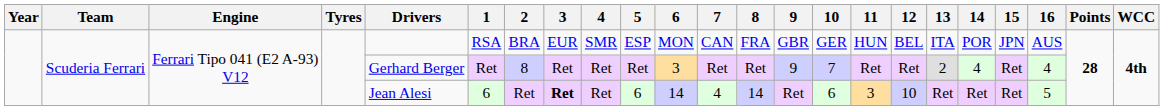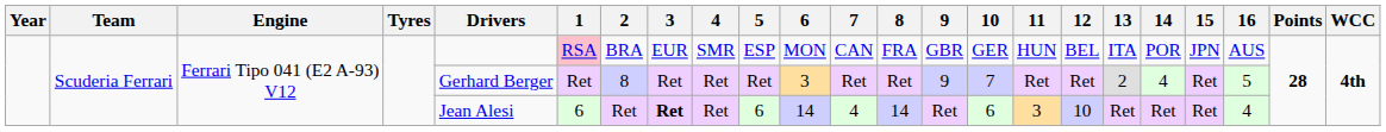 <table class="wikitable" style="text-align:center; font-size:95%">
 <tr>
 <th>Year</th>
 <th>Team</th>
 <th>Engine</th>
 <th>Tyres</th>
 <th>Drivers</th>
 <th>1</th>
 <th>2</th>
 <th>3</th>
 <th>4</th>
 <th>5</th>
 <th>6</th>
 <th>7</th>
 <th>8</th>
 <th>9</th>
 <th>10</th>
 <th>11</th>
 <th>12</th>
 <th>13</th>
 <th>14</th>
 <th>15</th>
 <th>16</th>
 <th>Points</th>
 <th>WCC</th>
 </tr>
 <tr>
 <td rowspan="3"></td>
 <td rowspan="3"><a href='#'>Scuderia Ferrari</a></td>
 <td rowspan="3"><a href='#'>Ferrari</a> Tipo 041 (E2 A-93)<br><a href='#'>V12</a></td>
 <td rowspan="3"></td>
 <td></td>
-<td><a href='#'>RSA</a></td>
+<td style="background: pink;"><a href='#'>RSA</a></td>
 <td><a href='#'>BRA</a></td>
 <td><a href='#'>EUR</a></td>
 <td><a href='#'>SMR</a></td>
 <td><a href='#'>ESP</a></td>
 <td><a href='#'>MON</a></td>
 <td><a href='#'>CAN</a></td>
 <td><a href='#'>FRA</a></td>
 <td><a href='#'>GBR</a></td>
 <td><a href='#'>GER</a></td>
 <td><a href='#'>HUN</a></td>
 <td><a href='#'>BEL</a></td>
 <td><a href='#'>ITA</a></td>
 <td><a href='#'>POR</a></td>
 <td><a href='#'>JPN</a></td>
 <td><a href='#'>AUS</a></td>
 <td rowspan="3"><strong>28</strong></td>
 <td rowspan="3"><strong>4th</strong></td>
 </tr>
 <tr>
 <td align="left"><a href='#'>Gerhard Berger</a></td>
 <td style="background:#efcfff;">Ret</td>
 <td style="background:#cfcfff;">8</td>
 <td style="background:#efcfff;">Ret</td>
 <td style="background:#efcfff;">Ret</td>
 <td style="background:#efcfff;">Ret</td>
 <td style="background:#ffdf9f;">3</td>
 <td style="background:#efcfff;">Ret</td>
 <td style="background:#efcfff;">Ret</td>
 <td style="background:#cfcfff;">9</td>
 <td style="background:#cfcfff;">7</td>
 <td style="background:#efcfff;">Ret</td>
 <td style="background:#efcfff;">Ret</td>
 <td style="background:#dfdfdf;">2</td>
 <td style="background:#dfffdf;">4</td>
 <td style="background:#efcfff;">Ret</td>
-<td style="background:#dfffdf;">4</td>
+<td style="background:#dfffdf;">5</td>
 </tr>
 <tr>
 <td align="left"><a href='#'>Jean Alesi</a></td>
 <td style="background:#dfffdf;">6</td>
 <td style="background:#efcfff;">Ret</td>
 <td style="background:#efcfff;"><strong>Ret</strong></td>
 <td style="background:#efcfff;">Ret</td>
 <td style="background:#dfffdf;">6</td>
 <td style="background:#cfcfff;">14</td>
 <td style="background:#dfffdf;">4</td>
 <td style="background:#cfcfff;">14</td>
 <td style="background:#efcfff;">Ret</td>
 <td style="background:#dfffdf;">6</td>
 <td style="background:#ffdf9f;">3</td>
 <td style="background:#cfcfff;">10</td>
 <td style="background:#efcfff;">Ret</td>
 <td style="background:#efcfff;">Ret</td>
 <td style="background:#efcfff;">Ret</td>
-<td style="background:#dfffdf;">5</td>
+<td style="background:#dfffdf;">4</td>
 </tr>
 </table>
